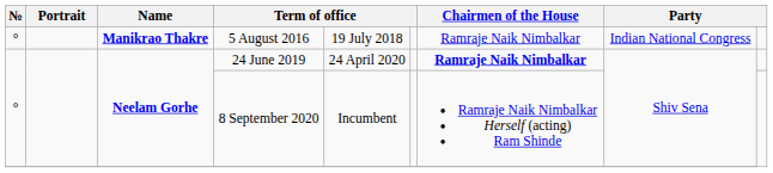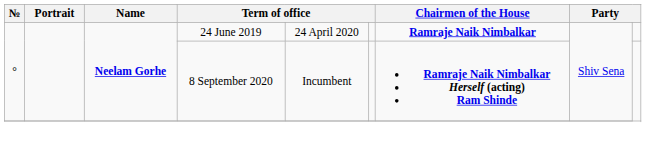 <table class="wikitable sortable" style="width:70%;">
 <tr align=center>
 <th>№</th>
 <th width="75">Portrait</th>
 <th>Name</th>
 <th colspan="3">Term of office</th>
 <th><a href='#'>Chairmen of the House</a></th>
 <th colspan=2>Party</th>
-</tr>
-<tr align=center>
-<td>°</td>
-<td></td>
-<td><strong><a href='#'>Manikrao Thakre</a></strong></td>
-<td>5 August 2016</td>
-<td>19 July 2018</td>
-<td></td>
-<td><a href='#'>Ramraje Naik Nimbalkar</a></td>
-<td><a href='#'>Indian National Congress</a></td>
-<td width="4px"></td>
 </tr>
 <tr align=center>
 <td rowspan="2">°</td>
 <td rowspan="2"></td>
 <td rowspan="2"><strong><a href='#'>Neelam Gorhe</a></strong></td>
 <td>24 June 2019</td>
 <td>24 April 2020</td>
 <td></td>
 <td><strong><a href='#'>Ramraje Naik Nimbalkar</a></strong></td>
 <td rowspan="2"><a href='#'>Shiv Sena</a></td>
 <td width="4px"></td>
 </tr>
 <tr align=center>
 <td>8 September 2020</td>
 <td>Incumbent</td>
 <td></td>
-<td><br><ul><li><a href='#'>Ramraje Naik Nimbalkar</a></li><li><em>Herself</em> (acting)</li><li><a href='#'>Ram Shinde</a></li></ul></td>
+<td><strong><br><ul><li><a href='#'>Ramraje Naik Nimbalkar</a></li><li><em>Herself</em> (acting)</li><li><a href='#'>Ram Shinde</a></li></ul></strong></td>
 </tr>
 <tr align=center>
 </tr>
 </table>
